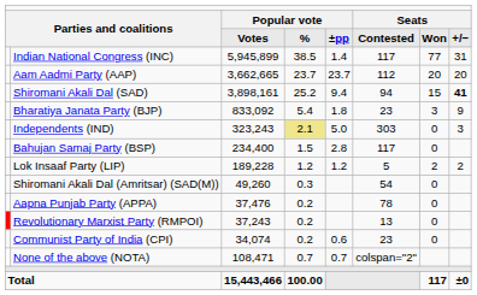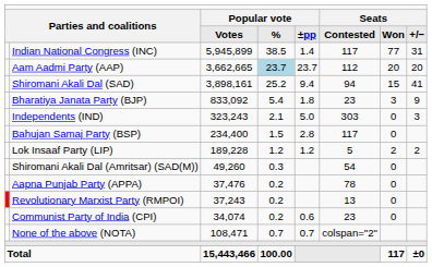 <table class="wikitable" style="text-align:right; font-size:95%;">
 <tr>
 <td colspan="8"></td>
 </tr>
 <tr style="background:#e9e9e9; text-align:center;">
 <th colspan="2" rowspan="2"><strong>Parties and coalitions</strong></th>
 <th colspan="3">Popular vote</th>
 <th colspan="3">Seats</th>
 </tr>
 <tr>
 <th style="background:#e9e9e9; text-align:center;">Votes</th>
 <th style="background:#e9e9e9; text-align:center;">%</th>
 <th style="background:#e9e9e9; text-align:center;"><strong>±</strong><a href='#'>pp</a></th>
 <th style="background:#e9e9e9; text-align:center;">Contested</th>
 <th style="background:#e9e9e9; text-align:center;">Won</th>
 <th style="background:#e9e9e9; text-align:center;"><strong>+/−</strong></th>
 </tr>
 <tr>
 <td style="color:inherit;background:"></td>
 <td style="text-align:left;"><a href='#'>Indian National Congress</a> (INC)</td>
 <td style="text-align:center;">5,945,899</td>
 <td style="text-align:center;">38.5</td>
 <td style="text-align:center;">1.4</td>
 <td style="text-align:center;">117</td>
 <td style="text-align:center;">77</td>
 <td style="text-align:center;">31</td>
 </tr>
 <tr>
 <td style="color:inherit;background:"></td>
 <td style="text-align:left;"><a href='#'>Aam Aadmi Party</a> (AAP)</td>
 <td style="text-align:center;">3,662,665</td>
-<td style="text-align:center;">23.7</td>
+<td style="background: lightblue; text-align:center;">23.7</td>
 <td style="text-align:center;">23.7</td>
 <td style="text-align:center;">112</td>
 <td style="text-align:center;">20</td>
 <td style="text-align:center;">20</td>
 </tr>
 <tr>
 <td style="color:inherit;background:"></td>
 <td style="text-align:left;"><a href='#'>Shiromani Akali Dal</a> (SAD)</td>
 <td style="text-align:center;">3,898,161</td>
 <td style="text-align:center;">25.2</td>
 <td style="text-align:center;">9.4</td>
 <td style="text-align:center;">94</td>
 <td style="text-align:center;">15</td>
-<td style="text-align:center;"><strong>41</strong></td>
+<td style="text-align:center;">41</td>
 </tr>
 <tr>
 <td style="color:inherit;background:"></td>
 <td style="text-align:left;"><a href='#'>Bharatiya Janata Party</a> (BJP)</td>
 <td style="text-align:center;">833,092</td>
 <td style="text-align:center;">5.4</td>
 <td style="text-align:center;">1.8</td>
 <td style="text-align:center;">23</td>
 <td style="text-align:center;">3</td>
 <td style="text-align:center;">9</td>
 </tr>
 <tr>
 <td style="color:inherit;background:"></td>
 <td style="text-align:left;"><a href='#'>Independents</a> (IND)</td>
 <td style="text-align:center;">323,243</td>
-<td style="background: khaki; text-align:center;">2.1</td>
+<td style="text-align:center;">2.1</td>
 <td style="text-align:center;">5.0</td>
 <td style="text-align:center;">303</td>
 <td style="text-align:center;">0</td>
 <td style="text-align:center;">3</td>
 </tr>
 <tr>
 <td style="color:inherit;background:"></td>
 <td style="text-align:left;"><a href='#'>Bahujan Samaj Party</a> (BSP)</td>
 <td style="text-align:center;">234,400</td>
 <td style="text-align:center;">1.5</td>
 <td style="text-align:center;">2.8</td>
 <td style="text-align:center;">117</td>
 <td style="text-align:center;">0</td>
 <td style="text-align:center;"></td>
 </tr>
 <tr>
 <td style="color:inherit;background:"></td>
 <td style="text-align:left;">Lok Insaaf Party (LIP)</td>
 <td style="text-align:center;">189,228</td>
 <td style="text-align:center;">1.2</td>
 <td style="text-align:center;">1.2</td>
 <td style="text-align:center;">5</td>
 <td style="text-align:center;">2</td>
 <td style="text-align:center;">2</td>
 </tr>
 <tr>
 <td style="color:inherit;background:"></td>
 <td style="text-align:left;">Shiromani Akali Dal (Amritsar) (SAD(M))</td>
 <td style="text-align:center;">49,260</td>
 <td style="text-align:center;">0.3</td>
 <td style="text-align:center;"></td>
 <td style="text-align:center;">54</td>
 <td style="text-align:center;">0</td>
 <td style="text-align:center;"></td>
 </tr>
 <tr>
 <td></td>
 <td style="text-align:left;"><a href='#'>Aapna Punjab Party</a> (APPA)</td>
 <td style="text-align:center;">37,476</td>
 <td style="text-align:center;">0.2</td>
 <td style="text-align:center;"></td>
 <td style="text-align:center;">78</td>
 <td style="text-align:center;">0</td>
 <td style="text-align:center;"></td>
 </tr>
 <tr>
 <td style="background:red;"></td>
 <td style="text-align:left;"><a href='#'>Revolutionary Marxist Party</a> (RMPOI)</td>
 <td style="text-align:center;">37,243</td>
 <td style="text-align:center;">0.2</td>
 <td style="text-align:center;"></td>
 <td style="text-align:center;">13</td>
 <td style="text-align:center;">0</td>
 <td style="text-align:center;"></td>
 </tr>
 <tr>
 <td style="color:inherit;background:"></td>
 <td style="text-align:left;"><a href='#'>Communist Party of India</a> (CPI)</td>
 <td style="text-align:center;">34,074</td>
 <td style="text-align:center;">0.2</td>
 <td style="text-align:center;">0.6</td>
 <td style="text-align:center;">23</td>
 <td style="text-align:center;">0</td>
 <td style="text-align:center;"></td>
 </tr>
 <tr>
 <td style="background:white;"></td>
 <td style="text-align:left;"><a href='#'>None of the above</a>  (NOTA)</td>
 <td style="text-align:center;">108,471</td>
 <td style="text-align:center;">0.7</td>
 <td style="text-align:center;">0.7</td>
 <td>colspan="2" </td>
 <td style="text-align:center;"></td>
 </tr>
 <tr>
 <td colspan="8" style="background:#e9e9e9;"></td>
 </tr>
 <tr style="font-weight:bold;">
 <td style="text-align:left;" colspan="2">Total</td>
 <td>15,443,466</td>
 <td>100.00</td>
 <td colspan="2" style="background:#e9e9e9;"></td>
 <td>117</td>
 <td>±0</td>
 </tr>
 </table>
